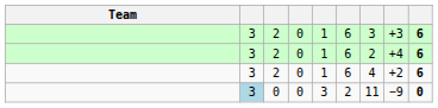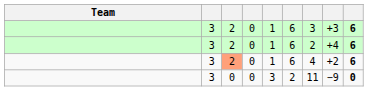 <table class=wikitable style="text-align:center">
 <tr>
 <th width=250>Team</th>
 <th width="20"></th>
 <th width="20"></th>
 <th width="20"></th>
 <th width="20"></th>
 <th width="20"></th>
 <th width="20"></th>
 <th width="20"></th>
 <th width="20"></th>
 </tr>
 <tr bgcolor=ccffcc>
 <td align="left"></td>
 <td>3</td>
 <td>2</td>
 <td>0</td>
 <td>1</td>
 <td>6</td>
 <td>3</td>
 <td>+3</td>
 <td><strong>6</strong></td>
 </tr>
 <tr bgcolor=ccffcc>
 <td align="left"></td>
 <td>3</td>
 <td>2</td>
 <td>0</td>
 <td>1</td>
 <td>6</td>
 <td>2</td>
 <td>+4</td>
 <td><strong>6</strong></td>
 </tr>
 <tr>
 <td align="left"></td>
 <td>3</td>
-<td>2</td>
+<td style="background: lightsalmon;">2</td>
 <td>0</td>
 <td>1</td>
 <td>6</td>
 <td>4</td>
 <td>+2</td>
 <td><strong>6</strong></td>
 </tr>
 <tr>
 <td align="left"></td>
-<td style="background: lightblue;">3</td>
+<td>3</td>
 <td>0</td>
 <td>0</td>
 <td>3</td>
 <td>2</td>
 <td>11</td>
 <td>−9</td>
 <td><strong>0</strong></td>
 </tr>
 </table>
